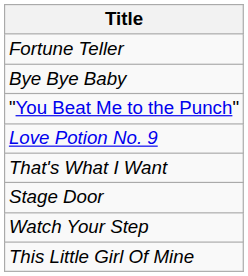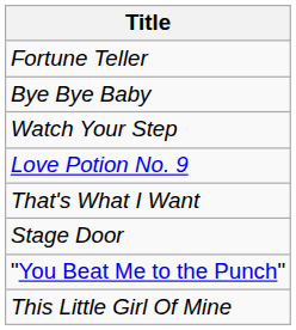 <table class="wikitable">
 <tr>
 <th>Title</th>
 </tr>
 <tr>
 <td><em>Fortune Teller</em></td>
 </tr>
 <tr>
 <td><em>Bye Bye Baby</em></td>
 </tr>
 <tr>
-<td>"<a href='#'>You Beat Me to the Punch</a>"</td>
+<td><em>Watch Your Step</em></td>
 </tr>
 <tr>
 <td><a href='#'><em>Love Potion No. 9</em></a></td>
 </tr>
 <tr>
 <td><em>That's What I Want</em></td>
 </tr>
 <tr>
 <td><em>Stage Door</em></td>
 </tr>
 <tr>
-<td><em>Watch Your Step</em></td>
+<td>"<a href='#'>You Beat Me to the Punch</a>"</td>
 </tr>
 <tr>
 <td><em>This Little Girl Of Mine</em></td>
 </tr>
 </table>
